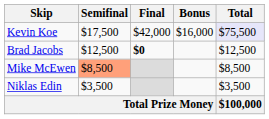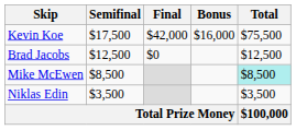 <table class="wikitable sortable">
 <tr>
 <th>Skip</th>
 <th>Semifinal</th>
 <th>Final</th>
 <th>Bonus</th>
 <th>Total</th>
 </tr>
 <tr>
 <td><a href='#'>Kevin Koe</a></td>
 <td>$17,500</td>
 <td>$42,000</td>
 <td>$16,000</td>
-<td style="background: lavender;">$75,500</td>
+<td>$75,500</td>
 </tr>
 <tr>
 <td><a href='#'>Brad Jacobs</a></td>
 <td>$12,500</td>
-<td><strong>$0</strong></td>
+<td>$0</td>
 <td></td>
 <td>$12,500</td>
 </tr>
 <tr>
 <td><a href='#'>Mike McEwen</a></td>
-<td style="background: lightsalmon;">$8,500</td>
+<td>$8,500</td>
 <td bgcolor=#DCDCDC></td>
 <td></td>
-<td>$8,500</td>
+<td style="background: paleturquoise;">$8,500</td>
 </tr>
 <tr>
 <td><a href='#'>Niklas Edin</a></td>
 <td>$3,500</td>
 <td bgcolor=#DCDCDC></td>
 <td></td>
 <td>$3,500</td>
 </tr>
 <tr class=sortbottom>
 <th colspan=4 style="text-align:right;">Total Prize Money</th>
 <th>$100,000</th>
 </tr>
 </table>
